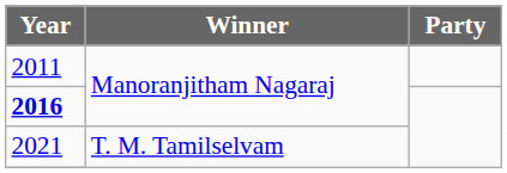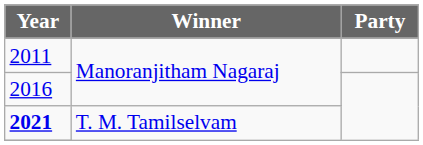 <table class="wikitable" width="50%">
 <tr>
 <th style="background-color:#666666; color:white">Year</th>
 <th style="background-color:#666666; color:white">Winner</th>
 <th style="background-color:#666666; color:white" colspan="2">Party</th>
 </tr>
 <tr>
 <td><a href='#'>2011</a></td>
 <td rowspan=2><a href='#'>Manoranjitham Nagaraj</a></td>
 <td></td>
 </tr>
 <tr>
-<td><strong><a href='#'>2016</a></strong></td>
+<td><a href='#'>2016</a></td>
 </tr>
 <tr>
-<td><a href='#'>2021</a></td>
+<td><strong><a href='#'>2021</a></strong></td>
 <td rowspan=2><a href='#'>T. M. Tamilselvam</a></td>
 </tr>
 <tr>
 </tr>
 </table>
